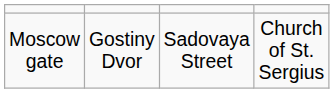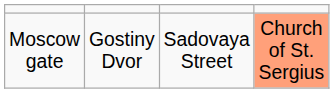 <table Class = "wikitable" style = "text-align: center">
 <tr>
 <td style="width:25px;"></td>
 <td style="width:25px;"></td>
 <td style="width:25px;"></td>
 <td style="width:25px;"></td>
 </tr>
 <tr>
 <td>Moscow gate</td>
 <td>Gostiny Dvor</td>
 <td>Sadovaya Street</td>
-<td>Church of St. Sergius</td>
+<td style="background: lightsalmon;">Church of St. Sergius</td>
 </tr>
 </table>
